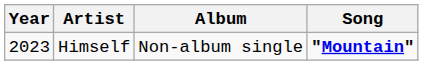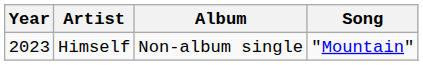 <table class="wikitable sortable plainrowheaders" style="text-align:center;">
 <tr>
 <th>Year</th>
 <th>Artist</th>
 <th>Album</th>
 <th>Song</th>
 </tr>
 <tr>
 <td rowspan="16">2023</td>
 <td rowspan="16">Himself</td>
 <td rowspan="16">Non-album single</td>
-<td><strong>"<a href='#'>Mountain</a>"</strong></td>
+<td>"<a href='#'>Mountain</a>"</td>
 </tr>
 </table>
